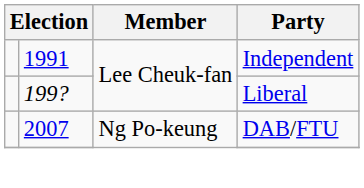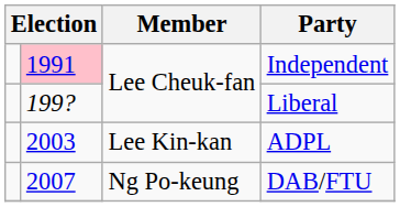 <table class="wikitable">
 <tr>
 <th colspan="2">Election</th>
 <th>Member</th>
 <th>Party</th>
 </tr>
 <tr>
 <td style="background-color:"></td>
-<td><a href='#'>1991</a></td>
+<td style="background: pink;"><a href='#'>1991</a></td>
 <td rowspan=2>Lee Cheuk-fan</td>
 <td><a href='#'>Independent</a></td>
 </tr>
 <tr>
 <td style="background-color:"></td>
 <td><em>199?</em></td>
 <td><a href='#'>Liberal</a></td>
 </tr>
 <tr>
 <td style="background-color:"></td>
+<td><a href='#'>2003</a></td>
+<td>Lee Kin-kan</td>
+<td><a href='#'>ADPL</a></td>
+</tr>
+<tr>
+<td style="background-color:"></td>
 <td><a href='#'>2007</a></td>
 <td rowspan=2>Ng Po-keung</td>
 <td><a href='#'>DAB</a>/<a href='#'>FTU</a></td>
 </tr>
 <tr>
 </tr>
 </table>
